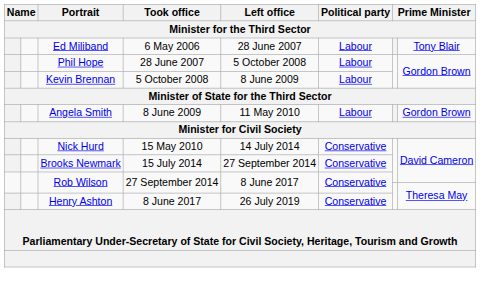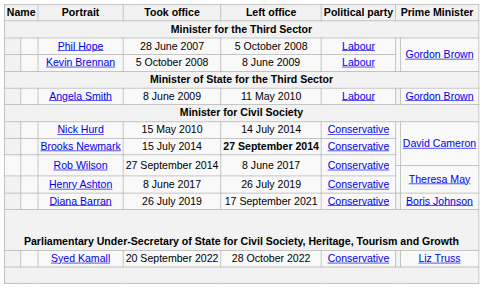 <table class="wikitable" style="text-align:center">
 <tr>
 <th colspan=2>Name</th>
 <th>Portrait</th>
 <th>Took office</th>
 <th>Left office</th>
 <th>Political party</th>
 <th colspan=2>Prime Minister</th>
 </tr>
 <tr>
 <th colspan=8>Minister for the Third Sector</th>
-</tr>
-<tr style="height:1em">
-<th style="background-color:"></th>
-<td></td>
-<td><a href='#'>Ed Miliband</a></td>
-<td>6 May 2006</td>
-<td>28 June 2007</td>
-<td><a href='#'>Labour</a></td>
-<th style="background-color:"></th>
-<td><a href='#'>Tony Blair</a></td>
 </tr>
 <tr style="height:1em">
 <th style="background-color:"></th>
 <td></td>
 <td><a href='#'>Phil Hope</a></td>
 <td>28 June 2007</td>
 <td>5 October 2008</td>
 <td><a href='#'>Labour</a></td>
 <td rowspan=2 ! style="background-color:"></td>
 <td rowspan=2><a href='#'>Gordon Brown</a></td>
 </tr>
 <tr style="height:1em">
 <th style="background-color:"></th>
 <td></td>
 <td><a href='#'>Kevin Brennan</a></td>
 <td>5 October 2008</td>
 <td>8 June 2009</td>
 <td><a href='#'>Labour</a></td>
 </tr>
 <tr>
 <th colspan=8>Minister of State for the Third Sector</th>
 </tr>
 <tr style="height:1em">
 <th style="background-color:"></th>
 <td></td>
 <td><a href='#'>Angela Smith</a></td>
 <td>8 June 2009</td>
 <td>11 May 2010</td>
 <td><a href='#'>Labour</a></td>
 <th style="background-color:"></th>
 <td><a href='#'>Gordon Brown</a></td>
 </tr>
 <tr>
 <th colspan=8>Minister for Civil Society</th>
 </tr>
 <tr style="height:1em">
 <th style="background-color:"></th>
 <td></td>
 <td><a href='#'>Nick Hurd</a></td>
 <td>15 May 2010</td>
 <td>14 July 2014</td>
 <td><a href='#'>Conservative</a></td>
 <td rowspan=3 style="background-color:"></td>
 <td rowspan=3><a href='#'>David Cameron</a></td>
 </tr>
 <tr style="height:1em">
 <th style="background-color:"></th>
 <td></td>
 <td><a href='#'>Brooks Newmark</a></td>
 <td>15 July 2014</td>
-<td>27 September 2014</td>
+<td><strong>27 September 2014</strong></td>
 <td><a href='#'>Conservative</a></td>
 </tr>
 <tr style="height:1em">
 <td rowspan=2 style="background-color:"></td>
 <td rowspan=2></td>
 <td rowspan=2><a href='#'>Rob Wilson</a></td>
 <td rowspan=2>27 September 2014</td>
 <td rowspan=2>8 June 2017</td>
 <td rowspan=2><a href='#'>Conservative</a></td>
 </tr>
 <tr style="height:1em">
 <td rowspan=2 style="background-color:"></td>
 <td rowspan=2><a href='#'>Theresa May</a></td>
 </tr>
 <tr style="height:1em">
 <th style="background-color:"></th>
 <td></td>
 <td><a href='#'>Henry Ashton</a></td>
 <td>8 June 2017</td>
 <td>26 July 2019</td>
 <td><a href='#'>Conservative</a></td>
 </tr>
+<tr style="height:1em">
+<th style="background-color:"></th>
+<td></td>
+<td><a href='#'>Diana Barran</a></td>
+<td>26 July 2019</td>
+<td>17 September 2021</td>
+<td><a href='#'>Conservative</a></td>
+<th style="background-color:"></th>
+<td><a href='#'>Boris Johnson</a></td>
+</tr>
 <tr>
 <th colspan=8><br><br>Parliamentary Under-Secretary of State for Civil Society, Heritage, Tourism and Growth</th>
+</tr>
+<tr style="height:1em">
+<th style="background-color:"></th>
+<td></td>
+<td><a href='#'>Syed Kamall</a></td>
+<td>20 September 2022</td>
+<td>28 October 2022</td>
+<td><a href='#'>Conservative</a></td>
+<th style="background-color:"></th>
+<td><a href='#'>Liz Truss</a></td>
 </tr>
 <tr>
 <th colspan=8><br></th>
 </tr>
 </table>
